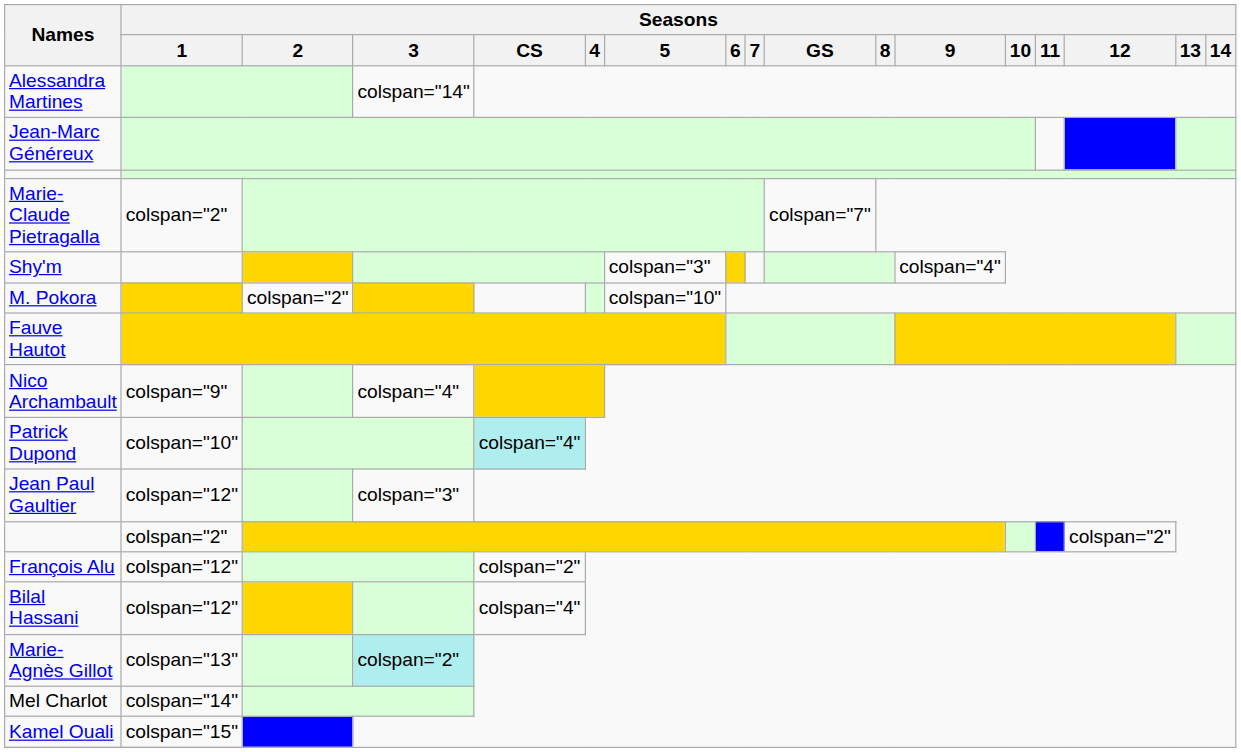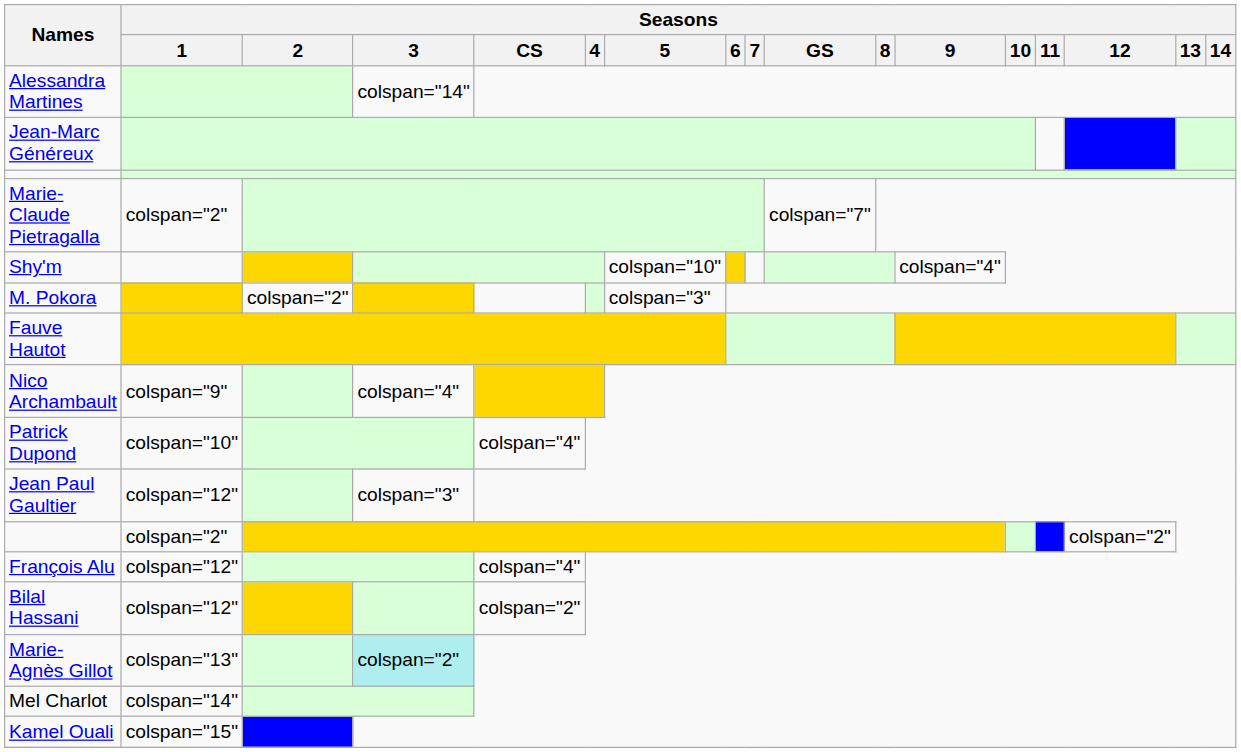 <table class="wikitable" width="50%">
 <tr>
 <th scope=col rowspan="2">Names</th>
 <th colspan="16" scope="col">Seasons</th>
 </tr>
 <tr>
 <th>1</th>
 <th>2</th>
 <th>3</th>
 <th>CS</th>
 <th>4</th>
 <th>5</th>
 <th>6</th>
 <th>7</th>
 <th>GS</th>
 <th>8</th>
 <th>9</th>
 <th>10</th>
 <th>11</th>
 <th>12</th>
 <th>13</th>
 <th>14</th>
 </tr>
 <tr>
 <td><a href='#'>Alessandra Martines</a></td>
 <td colspan="2" style="background:#d9ffd9"></td>
 <td>colspan="14" </td>
 </tr>
 <tr>
 <td><a href='#'>Jean-Marc Généreux</a></td>
 <td colspan="12" style="background:#d9ffd9"></td>
 <td></td>
 <td style="background:blue"></td>
 <td colspan="2" style="background:#d9ffd9"></td>
 </tr>
 <tr>
 <td></td>
 <td colspan="16" style="background:#d9ffd9"></td>
 </tr>
 <tr>
 <td><a href='#'>Marie-Claude Pietragalla</a></td>
 <td>colspan="2" </td>
 <td colspan="7" style="background:#d9ffd9"></td>
 <td>colspan="7" </td>
 </tr>
 <tr>
 <td><a href='#'>Shy'm</a></td>
 <td></td>
 <td style="background:gold"></td>
 <td colspan="3" style="background:#d9ffd9"></td>
-<td>colspan="3" </td>
+<td>colspan="10" </td>
 <td style="background:gold"></td>
 <td></td>
 <td colspan="2" style="background:#d9ffd9"></td>
 <td>colspan="4" </td>
 </tr>
 <tr>
 <td><a href='#'>M. Pokora</a></td>
 <td style="background:gold"></td>
 <td>colspan="2" </td>
 <td style="background:gold"></td>
 <td></td>
 <td style="background:#d9ffd9"></td>
-<td>colspan="10" </td>
+<td>colspan="3" </td>
 </tr>
 <tr>
 <td><a href='#'>Fauve Hautot</a></td>
 <td colspan="6" style="background:gold"></td>
 <td colspan="4" style="background:#d9ffd9"></td>
 <td colspan="4" style="background:gold"></td>
 <td colspan="2" style="background:#d9ffd9"></td>
 </tr>
 <tr>
 <td><a href='#'>Nico Archambault</a></td>
 <td>colspan="9" </td>
 <td style="background:#d9ffd9"></td>
 <td>colspan="4" </td>
 <td colspan="2" style="background:gold"></td>
 </tr>
 <tr>
 <td><a href='#'>Patrick Dupond</a></td>
 <td>colspan="10" </td>
 <td colspan="2" style="background:#d9ffd9"></td>
-<td style="background: paleturquoise;">colspan="4" </td>
+<td>colspan="4" </td>
 </tr>
 <tr>
 <td><a href='#'>Jean Paul Gaultier</a></td>
 <td>colspan="12" </td>
 <td style="background:#d9ffd9"></td>
 <td>colspan="3" </td>
 </tr>
 <tr>
 <td></td>
 <td>colspan="2" </td>
 <td colspan="10" style="background:gold"></td>
 <td style="background:#d9ffd9"></td>
 <td style="background:blue"></td>
 <td>colspan="2" </td>
 </tr>
 <tr>
 <td><a href='#'>François Alu</a></td>
 <td>colspan="12" </td>
 <td colspan="2" style="background:#d9ffd9"></td>
-<td>colspan="2" </td>
+<td>colspan="4" </td>
 </tr>
 <tr>
 <td><a href='#'>Bilal Hassani</a></td>
 <td>colspan="12" </td>
 <td style="background:gold"></td>
 <td style="background:#d9ffd9"></td>
-<td>colspan="4" </td>
+<td>colspan="2" </td>
 </tr>
 <tr>
 <td><a href='#'>Marie-Agnès Gillot</a></td>
 <td>colspan="13" </td>
 <td style="background:#d9ffd9"></td>
 <td style="background: paleturquoise;">colspan="2" </td>
 </tr>
 <tr>
 <td>Mel Charlot</td>
 <td>colspan="14" </td>
 <td colspan="2" style="background:#d9ffd9"></td>
 </tr>
 <tr>
 <td><a href='#'>Kamel Ouali</a></td>
 <td>colspan="15" </td>
 <td style="background:blue"></td>
 </tr>
 <tr>
 </tr>
 </table>
